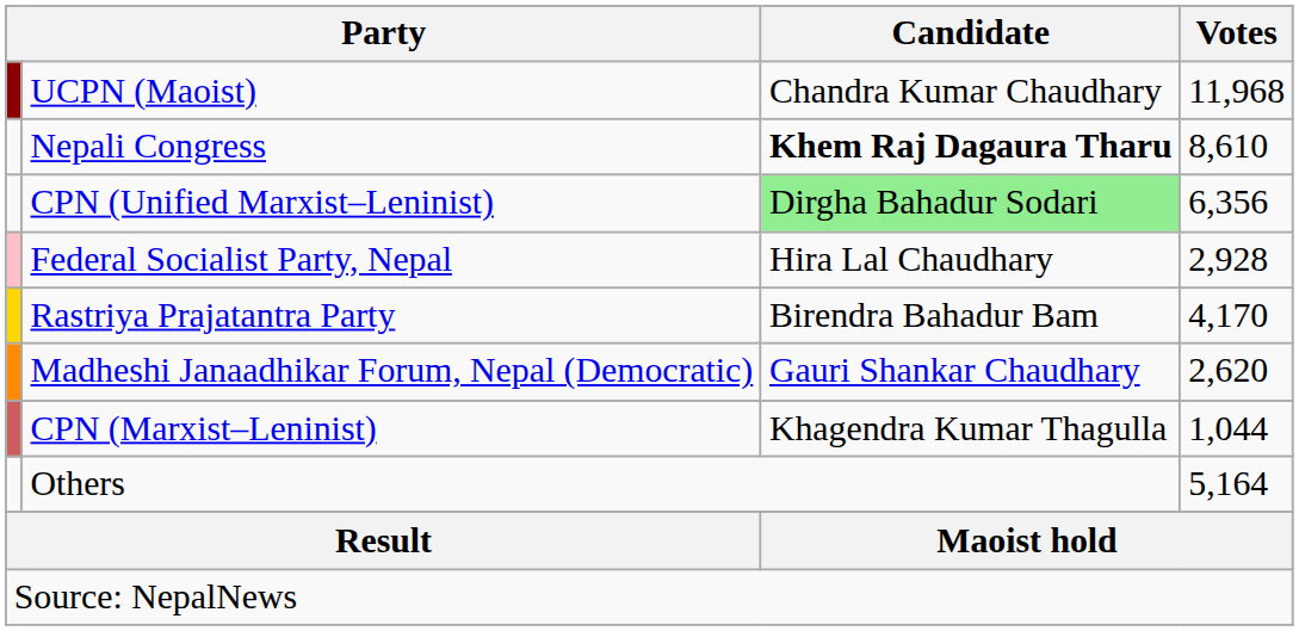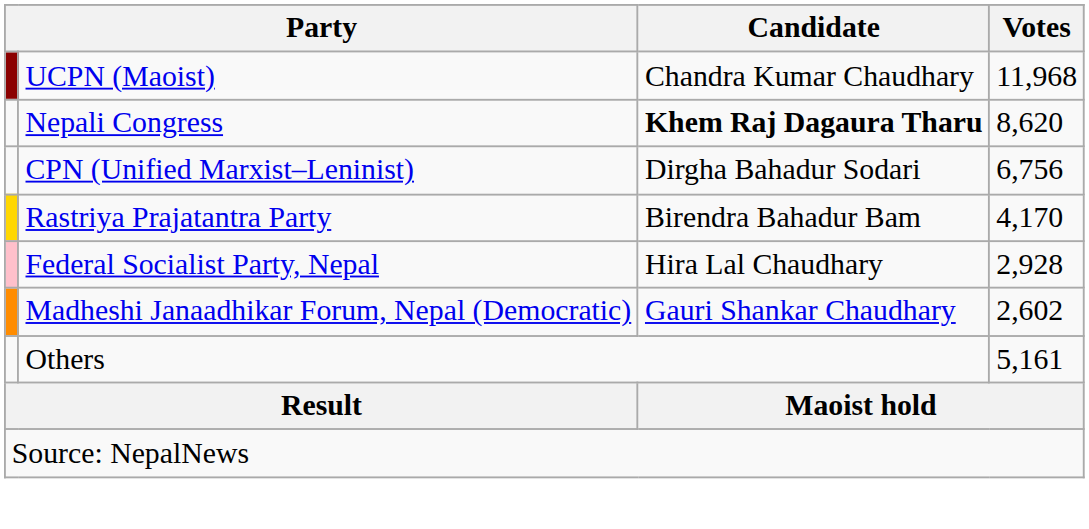 <table class="wikitable">
 <tr>
 <th colspan="2">Party</th>
 <th>Candidate</th>
 <th>Votes</th>
 </tr>
 <tr>
 <td style="background-color:darkred"></td>
 <td><a href='#'>UCPN (Maoist)</a></td>
 <td>Chandra Kumar Chaudhary</td>
 <td>11,968</td>
 </tr>
 <tr>
 <td style="background-color:"></td>
 <td><a href='#'>Nepali Congress</a></td>
 <td><strong>Khem Raj Dagaura Tharu</strong></td>
-<td>8,610</td>
+<td>8,620</td>
 </tr>
 <tr>
 <td style="background-color:"></td>
 <td><a href='#'>CPN (Unified Marxist–Leninist)</a></td>
-<td style="background: lightgreen;">Dirgha Bahadur Sodari</td>
-<td>6,356</td>
+<td>Dirgha Bahadur Sodari</td>
+<td>6,756</td>
+</tr>
+<tr>
+<td style="background-color:gold"></td>
+<td><a href='#'>Rastriya Prajatantra Party</a></td>
+<td>Birendra Bahadur Bam</td>
+<td>4,170</td>
 </tr>
 <tr>
 <td style="background-color:pink"></td>
 <td><a href='#'>Federal Socialist Party, Nepal</a></td>
 <td>Hira Lal Chaudhary</td>
 <td>2,928</td>
 </tr>
 <tr>
-<td style="background-color:gold"></td>
-<td><a href='#'>Rastriya Prajatantra Party</a></td>
-<td>Birendra Bahadur Bam</td>
-<td>4,170</td>
-</tr>
-<tr>
 <td style="background-color:darkorange"></td>
 <td><a href='#'>Madheshi Janaadhikar Forum, Nepal (Democratic)</a></td>
 <td><a href='#'>Gauri Shankar Chaudhary</a></td>
-<td>2,620</td>
-</tr>
-<tr>
-<td style="background-color:indianred"></td>
-<td><a href='#'>CPN (Marxist–Leninist)</a></td>
-<td>Khagendra Kumar Thagulla</td>
-<td>1,044</td>
+<td>2,602</td>
 </tr>
 <tr>
 <td></td>
 <td colspan="2">Others</td>
-<td>5,164</td>
+<td>5,161</td>
 </tr>
 <tr>
 <th colspan="2">Result</th>
 <th colspan="2">Maoist hold</th>
 </tr>
 <tr>
 <td colspan="4">Source: NepalNews</td>
 </tr>
 </table>
